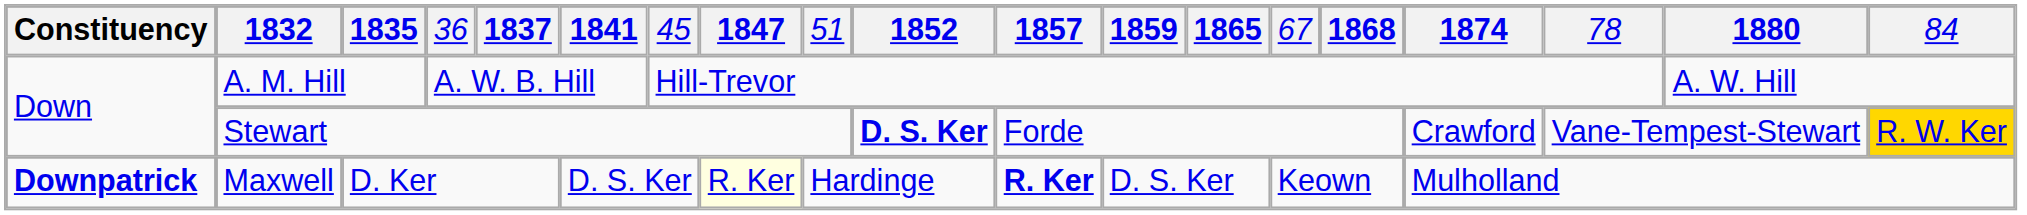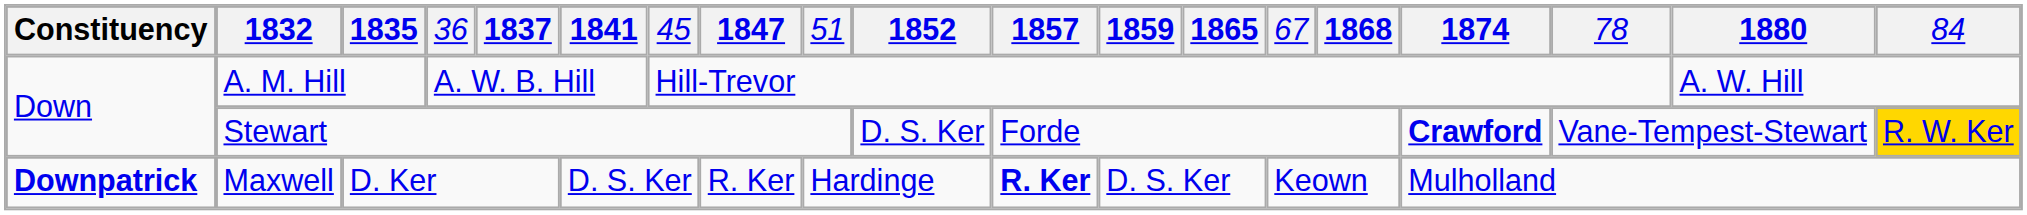 <table class="wikitable" style="border-collapse: separate; border-spacing: 0;">
 <tr>
 <th>Constituency</th>
 <th><a href='#'>1832</a></th>
 <th><a href='#'>1835</a></th>
 <th style="font-weight: normal;"><em><a href='#'>36</a></em></th>
 <th><a href='#'>1837</a></th>
 <th><a href='#'>1841</a></th>
 <th style="font-weight: normal;"><em><a href='#'>45</a></em></th>
 <th><a href='#'>1847</a></th>
 <th style="font-weight: normal;"><em><a href='#'>51</a></em></th>
 <th><a href='#'>1852</a></th>
 <th><a href='#'>1857</a></th>
 <th><a href='#'>1859</a></th>
 <th><a href='#'>1865</a></th>
 <th style="font-weight: normal;"><em><a href='#'>67</a></em></th>
 <th><a href='#'>1868</a></th>
 <th><a href='#'>1874</a></th>
 <th style="font-weight: normal;"><em><a href='#'>78</a></em></th>
 <th><a href='#'>1880</a></th>
 <th style="font-weight: normal;"><em><a href='#'>84</a></em></th>
 </tr>
 <tr>
 <td rowspan="2"><a href='#'>Down</a></td>
 <td colspan="2"><a href='#'>A. M. Hill</a></td>
 <td colspan="3"><a href='#'>A. W. B. Hill</a></td>
 <td colspan="11"><a href='#'>Hill-Trevor</a></td>
 <td colspan="2"><a href='#'>A. W. Hill</a></td>
 </tr>
 <tr>
 <td colspan="8"><a href='#'>Stewart</a></td>
-<td><strong><a href='#'>D. S. Ker</a></strong></td>
+<td><a href='#'>D. S. Ker</a></td>
 <td colspan="5"><a href='#'>Forde</a></td>
-<td><a href='#'>Crawford</a></td>
+<td><strong><a href='#'>Crawford</a></strong></td>
 <td colspan="2"><a href='#'>Vane-Tempest-Stewart</a></td>
 <td style="background: gold;"><a href='#'>R. W. Ker</a></td>
 </tr>
 <tr>
 <td><strong><a href='#'>Downpatrick</a></strong></td>
 <td><a href='#'>Maxwell</a></td>
 <td colspan="3"><a href='#'>D. Ker</a></td>
 <td colspan="2"><a href='#'>D. S. Ker</a></td>
-<td style="background: lightyellow;"><a href='#'>R. Ker</a></td>
+<td><a href='#'>R. Ker</a></td>
 <td colspan="2"><a href='#'>Hardinge</a></td>
 <td><strong><a href='#'>R. Ker</a></strong></td>
 <td colspan="2"><a href='#'>D. S. Ker</a></td>
 <td colspan="2"><a href='#'>Keown</a></td>
 <td colspan="4"><a href='#'>Mulholland</a></td>
 </tr>
 </table>
